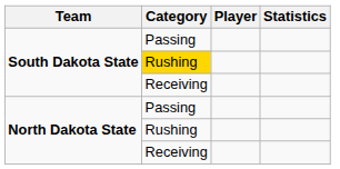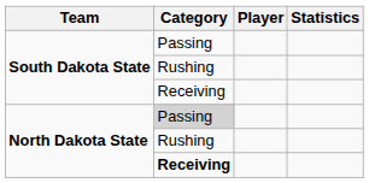 <table class="wikitable" style="float: left;">
 <tr>
 <th>Team</th>
 <th>Category</th>
 <th>Player</th>
 <th>Statistics</th>
 </tr>
 <tr>
 <td rowspan=3><strong>South Dakota State</strong></td>
 <td>Passing</td>
 <td></td>
 <td></td>
 </tr>
 <tr>
-<td style="background: gold;">Rushing</td>
+<td>Rushing</td>
 <td></td>
 <td></td>
 </tr>
 <tr>
 <td>Receiving</td>
 <td></td>
 <td></td>
 </tr>
 <tr>
 <td rowspan=3><strong>North Dakota State</strong></td>
-<td>Passing</td>
+<td style="background: lightgrey;">Passing</td>
 <td></td>
 <td></td>
 </tr>
 <tr>
 <td>Rushing</td>
 <td></td>
 <td></td>
 </tr>
 <tr>
-<td>Receiving</td>
+<td><strong>Receiving</strong></td>
 <td></td>
 <td></td>
 </tr>
 </table>
